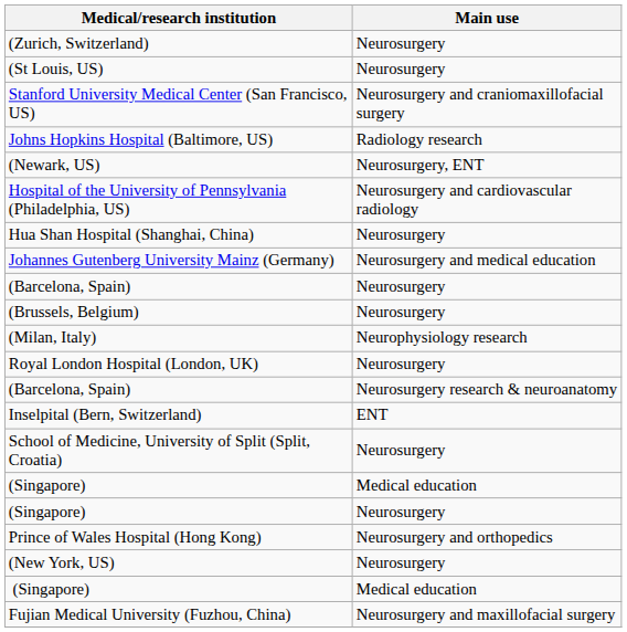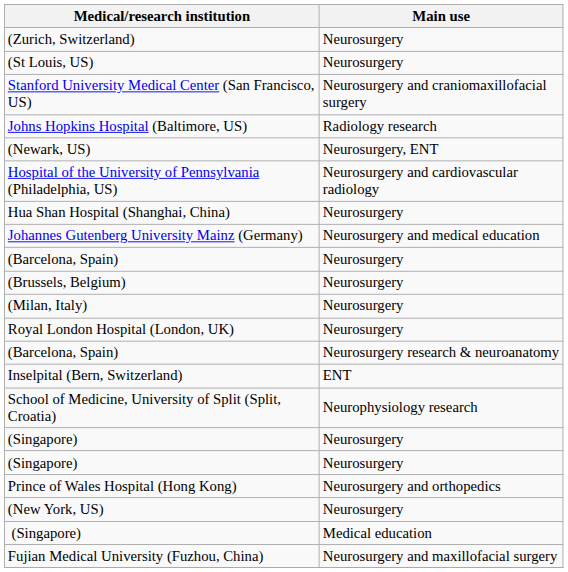 <table class="wikitable">
 <tr>
 <th>Medical/research institution</th>
 <th>Main use</th>
 </tr>
 <tr>
 <td> (Zurich, Switzerland)</td>
 <td>Neurosurgery</td>
 </tr>
 <tr>
 <td> (St Louis, US)</td>
 <td>Neurosurgery</td>
 </tr>
 <tr>
 <td><a href='#'>Stanford University Medical Center</a> (San Francisco, US)</td>
 <td>Neurosurgery and craniomaxillofacial surgery</td>
 </tr>
 <tr>
 <td><a href='#'>Johns Hopkins Hospital</a> (Baltimore, US)</td>
 <td>Radiology research</td>
 </tr>
 <tr>
 <td> (Newark, US)</td>
 <td>Neurosurgery, ENT</td>
 </tr>
 <tr>
 <td><a href='#'>Hospital of the University of Pennsylvania</a> (Philadelphia, US)</td>
 <td>Neurosurgery and cardiovascular radiology</td>
 </tr>
 <tr>
 <td>Hua Shan Hospital (Shanghai, China)</td>
 <td>Neurosurgery</td>
 </tr>
 <tr>
 <td><a href='#'>Johannes Gutenberg University Mainz</a> (Germany)</td>
 <td>Neurosurgery and medical education</td>
 </tr>
 <tr>
 <td> (Barcelona, Spain)</td>
 <td>Neurosurgery</td>
 </tr>
 <tr>
 <td> (Brussels, Belgium)</td>
 <td>Neurosurgery</td>
 </tr>
 <tr>
 <td> (Milan, Italy)</td>
-<td>Neurophysiology research</td>
+<td>Neurosurgery</td>
 </tr>
 <tr>
 <td>Royal London Hospital (London, UK)</td>
 <td>Neurosurgery</td>
 </tr>
 <tr>
 <td> (Barcelona, Spain)</td>
 <td>Neurosurgery research & neuroanatomy</td>
 </tr>
 <tr>
 <td>Inselpital (Bern, Switzerland)</td>
 <td>ENT</td>
 </tr>
 <tr>
 <td>School of Medicine, University of Split (Split, Croatia)</td>
-<td>Neurosurgery</td>
+<td>Neurophysiology research</td>
 </tr>
 <tr>
 <td> (Singapore)</td>
-<td>Medical education</td>
+<td>Neurosurgery</td>
 </tr>
 <tr>
 <td> (Singapore)</td>
 <td>Neurosurgery</td>
 </tr>
 <tr>
 <td>Prince of Wales Hospital (Hong Kong)</td>
 <td>Neurosurgery and orthopedics</td>
 </tr>
 <tr>
 <td> (New York, US)</td>
 <td>Neurosurgery</td>
 </tr>
 <tr>
 <td> (Singapore)</td>
 <td>Medical education</td>
 </tr>
 <tr>
 <td>Fujian Medical University (Fuzhou, China)</td>
 <td>Neurosurgery and maxillofacial surgery</td>
 </tr>
 <tr>
 </tr>
 </table>
